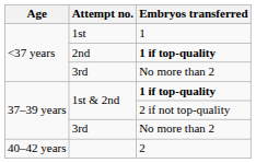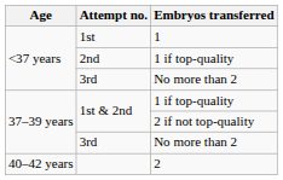 <table class="wikitable">
 <tr>
 <th>Age</th>
 <th>Attempt no.</th>
 <th>Embryos transferred</th>
 </tr>
 <tr>
 <td rowspan=3><37 years</td>
 <td>1st</td>
 <td>1</td>
 </tr>
 <tr>
 <td>2nd</td>
-<td><strong>1 if top-quality</strong></td>
+<td>1 if top-quality</td>
 </tr>
 <tr>
 <td>3rd</td>
 <td>No more than 2</td>
 </tr>
 <tr>
 <td rowspan=3>37–39 years</td>
 <td rowspan=2>1st & 2nd</td>
-<td><strong>1 if top-quality</strong></td>
+<td>1 if top-quality</td>
 </tr>
 <tr>
 <td>2 if not top-quality</td>
 </tr>
 <tr>
 <td>3rd</td>
 <td>No more than 2</td>
 </tr>
 <tr>
 <td>40–42 years</td>
 <td></td>
 <td>2</td>
 </tr>
 </table>
